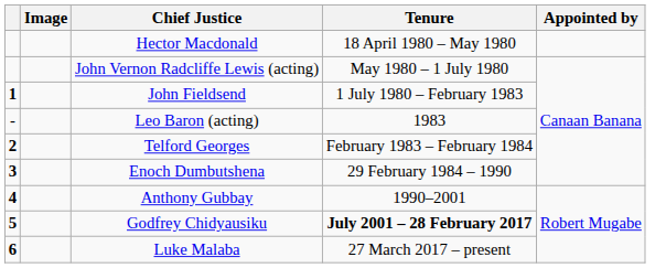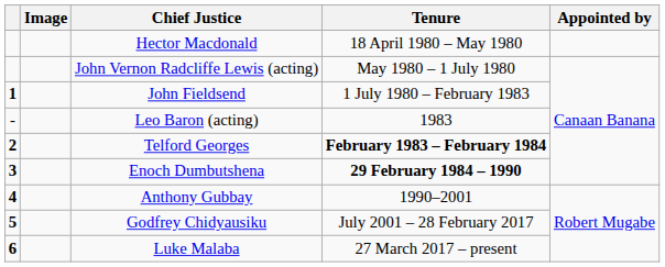 <table class="wikitable" style="text-align:center">
 <tr>
 <th></th>
 <th>Image</th>
 <th>Chief Justice</th>
 <th>Tenure</th>
 <th>Appointed by</th>
 </tr>
 <tr>
 <td></td>
 <td></td>
 <td><a href='#'>Hector Macdonald</a></td>
 <td>18 April 1980 – May 1980</td>
 <td></td>
 </tr>
 <tr>
 <td></td>
 <td></td>
 <td><a href='#'>John Vernon Radcliffe Lewis</a> (acting)</td>
 <td>May 1980 – 1 July 1980</td>
 <td rowspan="5"><a href='#'>Canaan Banana</a></td>
 </tr>
 <tr>
 <td><strong>1</strong></td>
 <td></td>
 <td><a href='#'>John Fieldsend</a></td>
 <td>1 July 1980 – February 1983</td>
 </tr>
 <tr>
 <td>-</td>
 <td></td>
 <td><a href='#'>Leo Baron</a> (acting)</td>
 <td>1983</td>
 </tr>
 <tr>
 <td><strong>2</strong></td>
 <td></td>
 <td><a href='#'>Telford Georges</a></td>
-<td>February 1983 – February 1984</td>
+<td><strong>February 1983 – February 1984</strong></td>
 </tr>
 <tr>
 <td><strong>3</strong></td>
 <td></td>
 <td><a href='#'>Enoch Dumbutshena</a></td>
-<td>29 February 1984 – 1990</td>
+<td><strong>29 February 1984 – 1990</strong></td>
 </tr>
 <tr>
 <td><strong>4</strong></td>
 <td></td>
 <td><a href='#'>Anthony Gubbay</a></td>
 <td>1990–2001</td>
 <td rowspan="3"><a href='#'>Robert Mugabe</a></td>
 </tr>
 <tr>
 <td><strong>5</strong></td>
 <td></td>
 <td><a href='#'>Godfrey Chidyausiku</a></td>
-<td><strong>July 2001 – 28 February 2017</strong></td>
+<td>July 2001 – 28 February 2017</td>
 </tr>
 <tr>
 <td><strong>6</strong></td>
 <td></td>
 <td><a href='#'>Luke Malaba</a></td>
 <td>27 March 2017 – present</td>
 </tr>
 </table>
